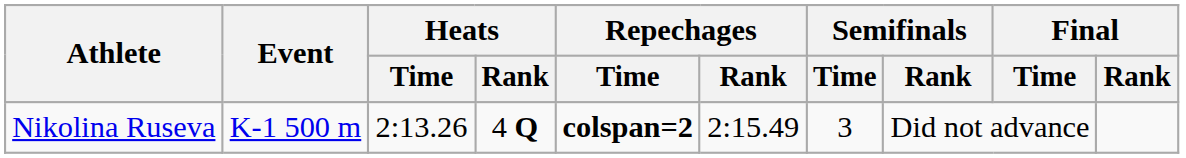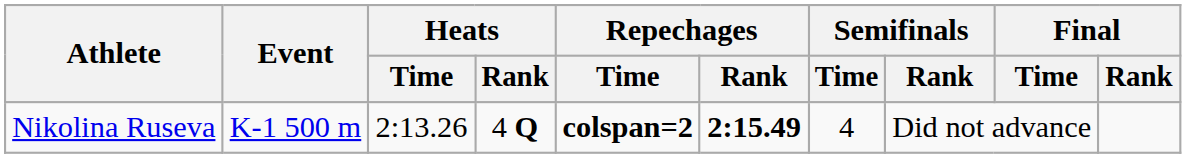 <table class="wikitable" style="font-size:90%; text-align:center;">
 <tr>
 <th rowspan=2>Athlete</th>
 <th rowspan=2>Event</th>
 <th colspan=2>Heats</th>
 <th colspan=2>Repechages</th>
 <th colspan=2>Semifinals</th>
 <th colspan=2>Final</th>
 </tr>
 <tr style="font-size:95%">
 <th>Time</th>
 <th>Rank</th>
 <th>Time</th>
 <th>Rank</th>
 <th>Time</th>
 <th>Rank</th>
 <th>Time</th>
 <th>Rank</th>
 </tr>
 <tr>
 <td align=left><a href='#'>Nikolina Ruseva</a></td>
 <td align=left><a href='#'>K-1 500 m</a></td>
 <td>2:13.26</td>
 <td>4 <strong>Q</strong></td>
 <td><strong>colspan=2 </strong></td>
-<td>2:15.49</td>
-<td>3</td>
+<td><strong>2:15.49</strong></td>
+<td>4</td>
 <td colspan=2>Did not advance</td>
 </tr>
 </table>
